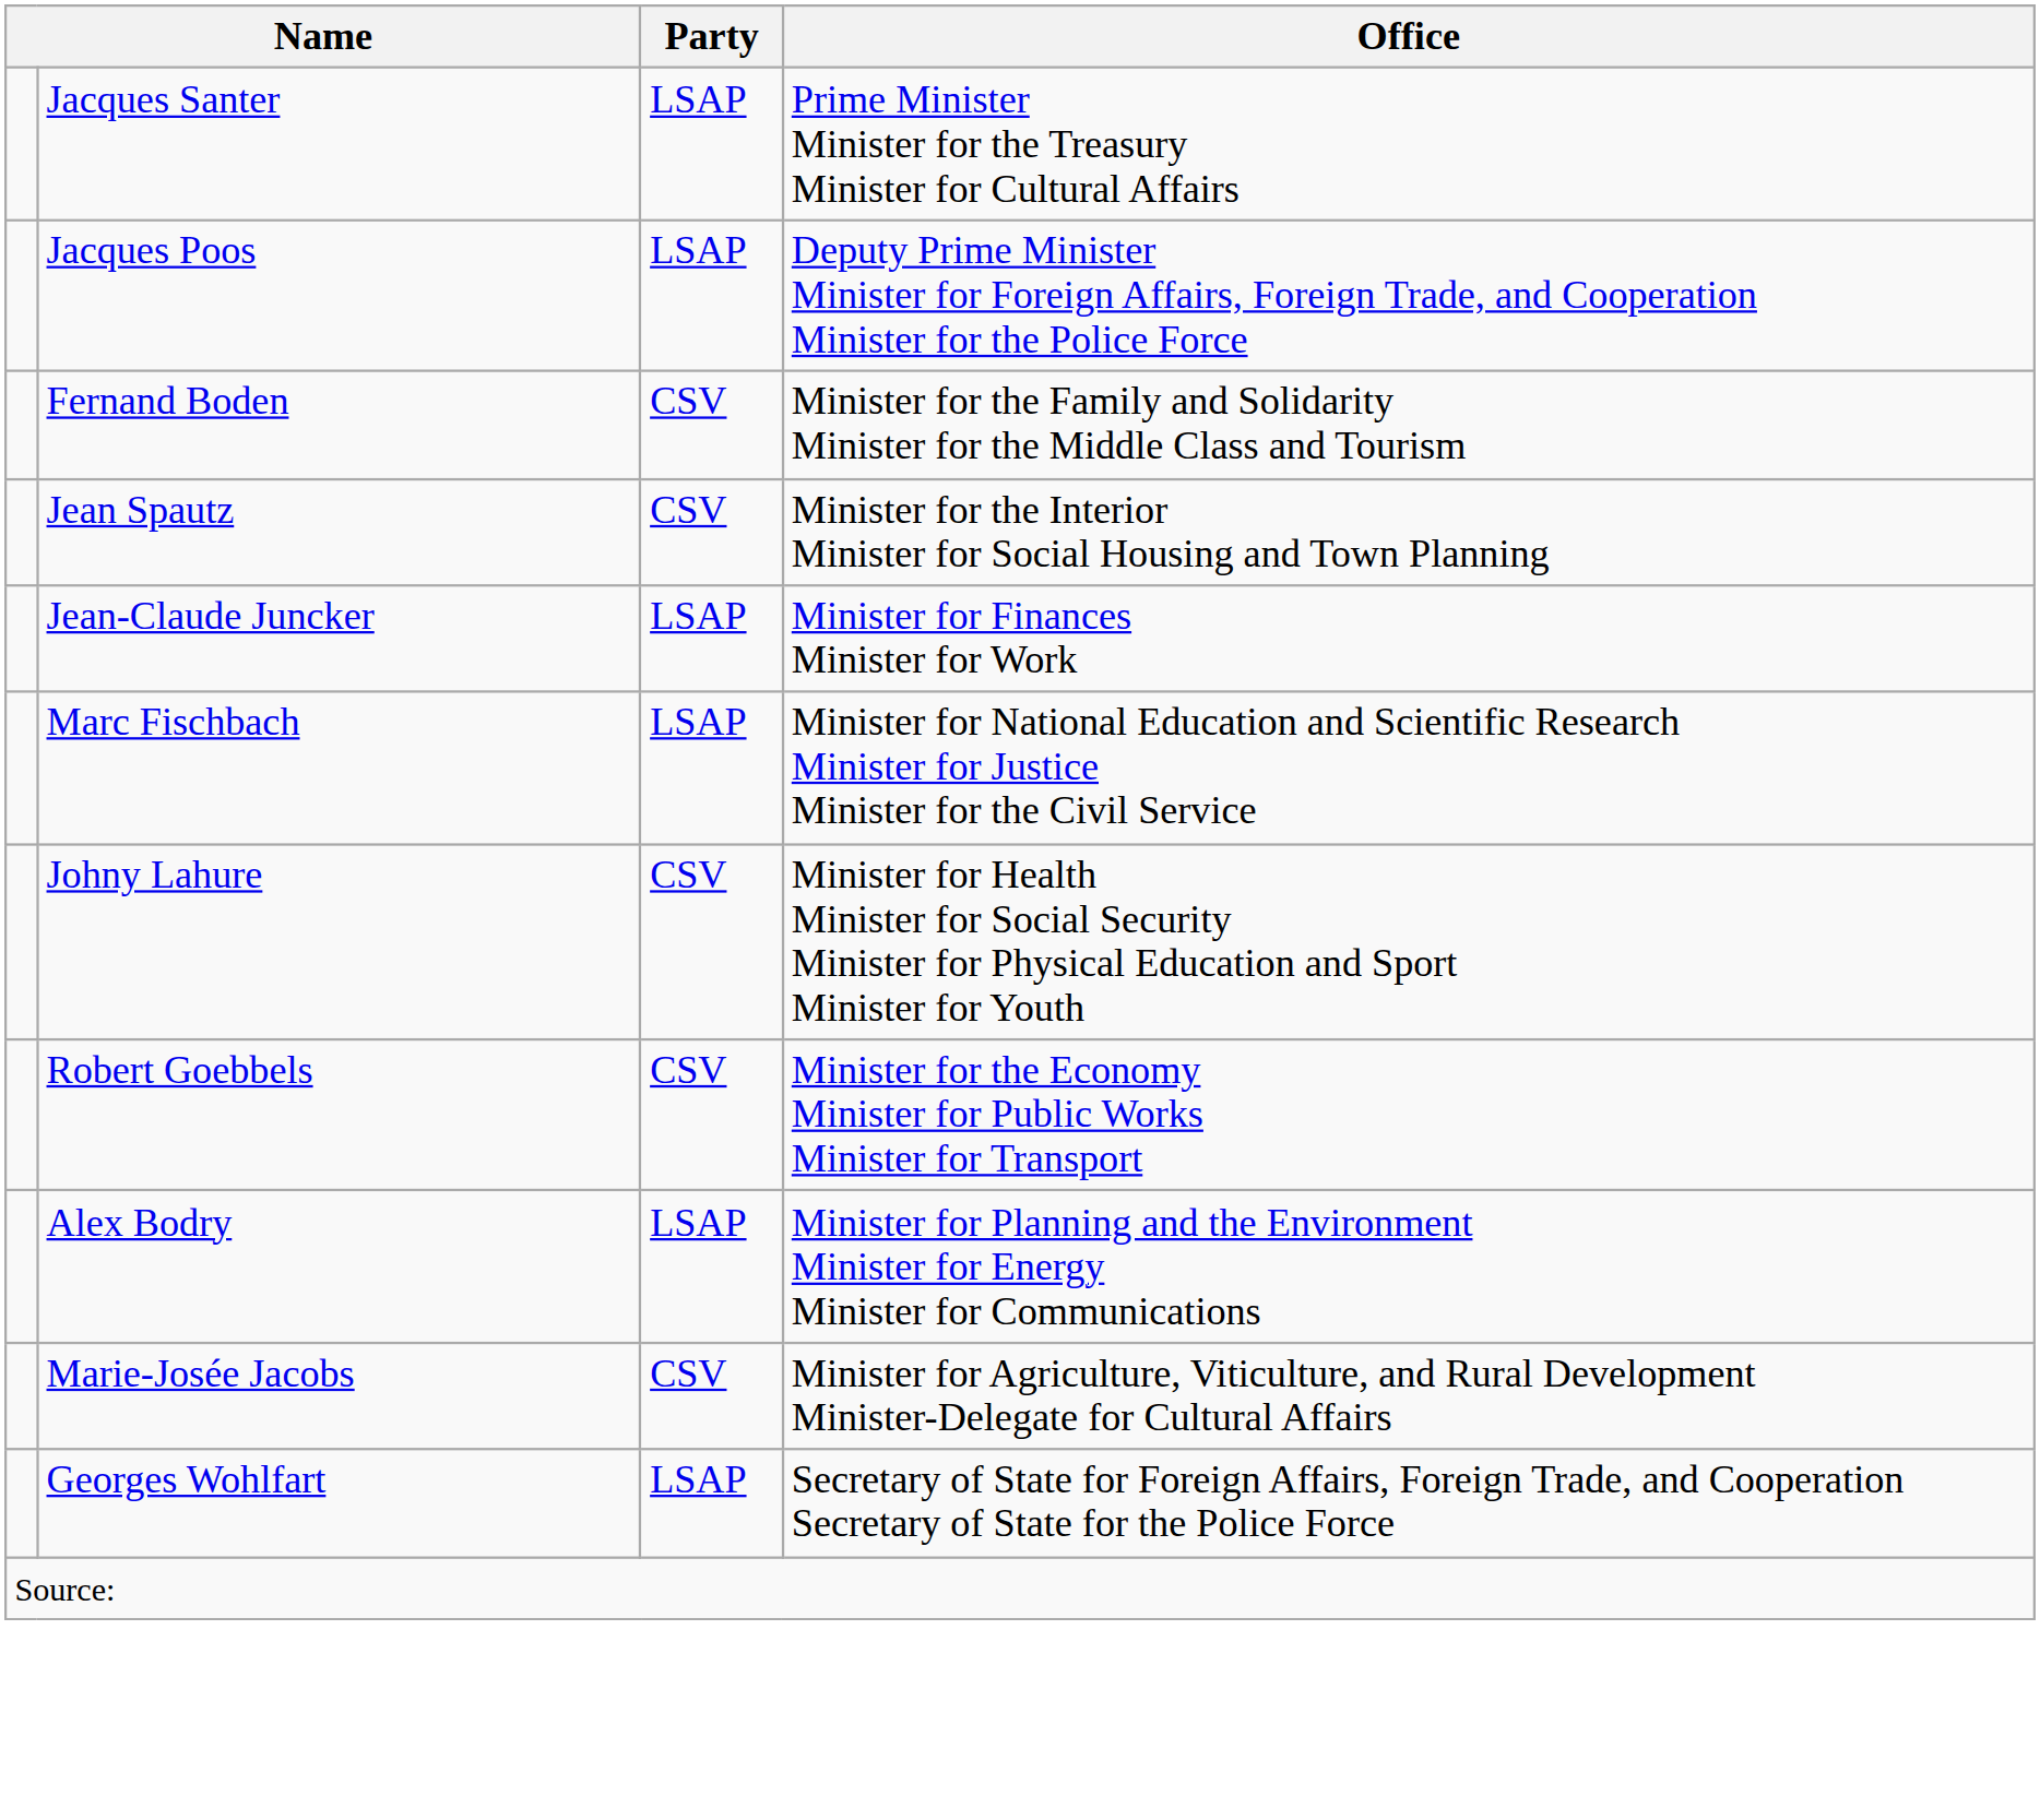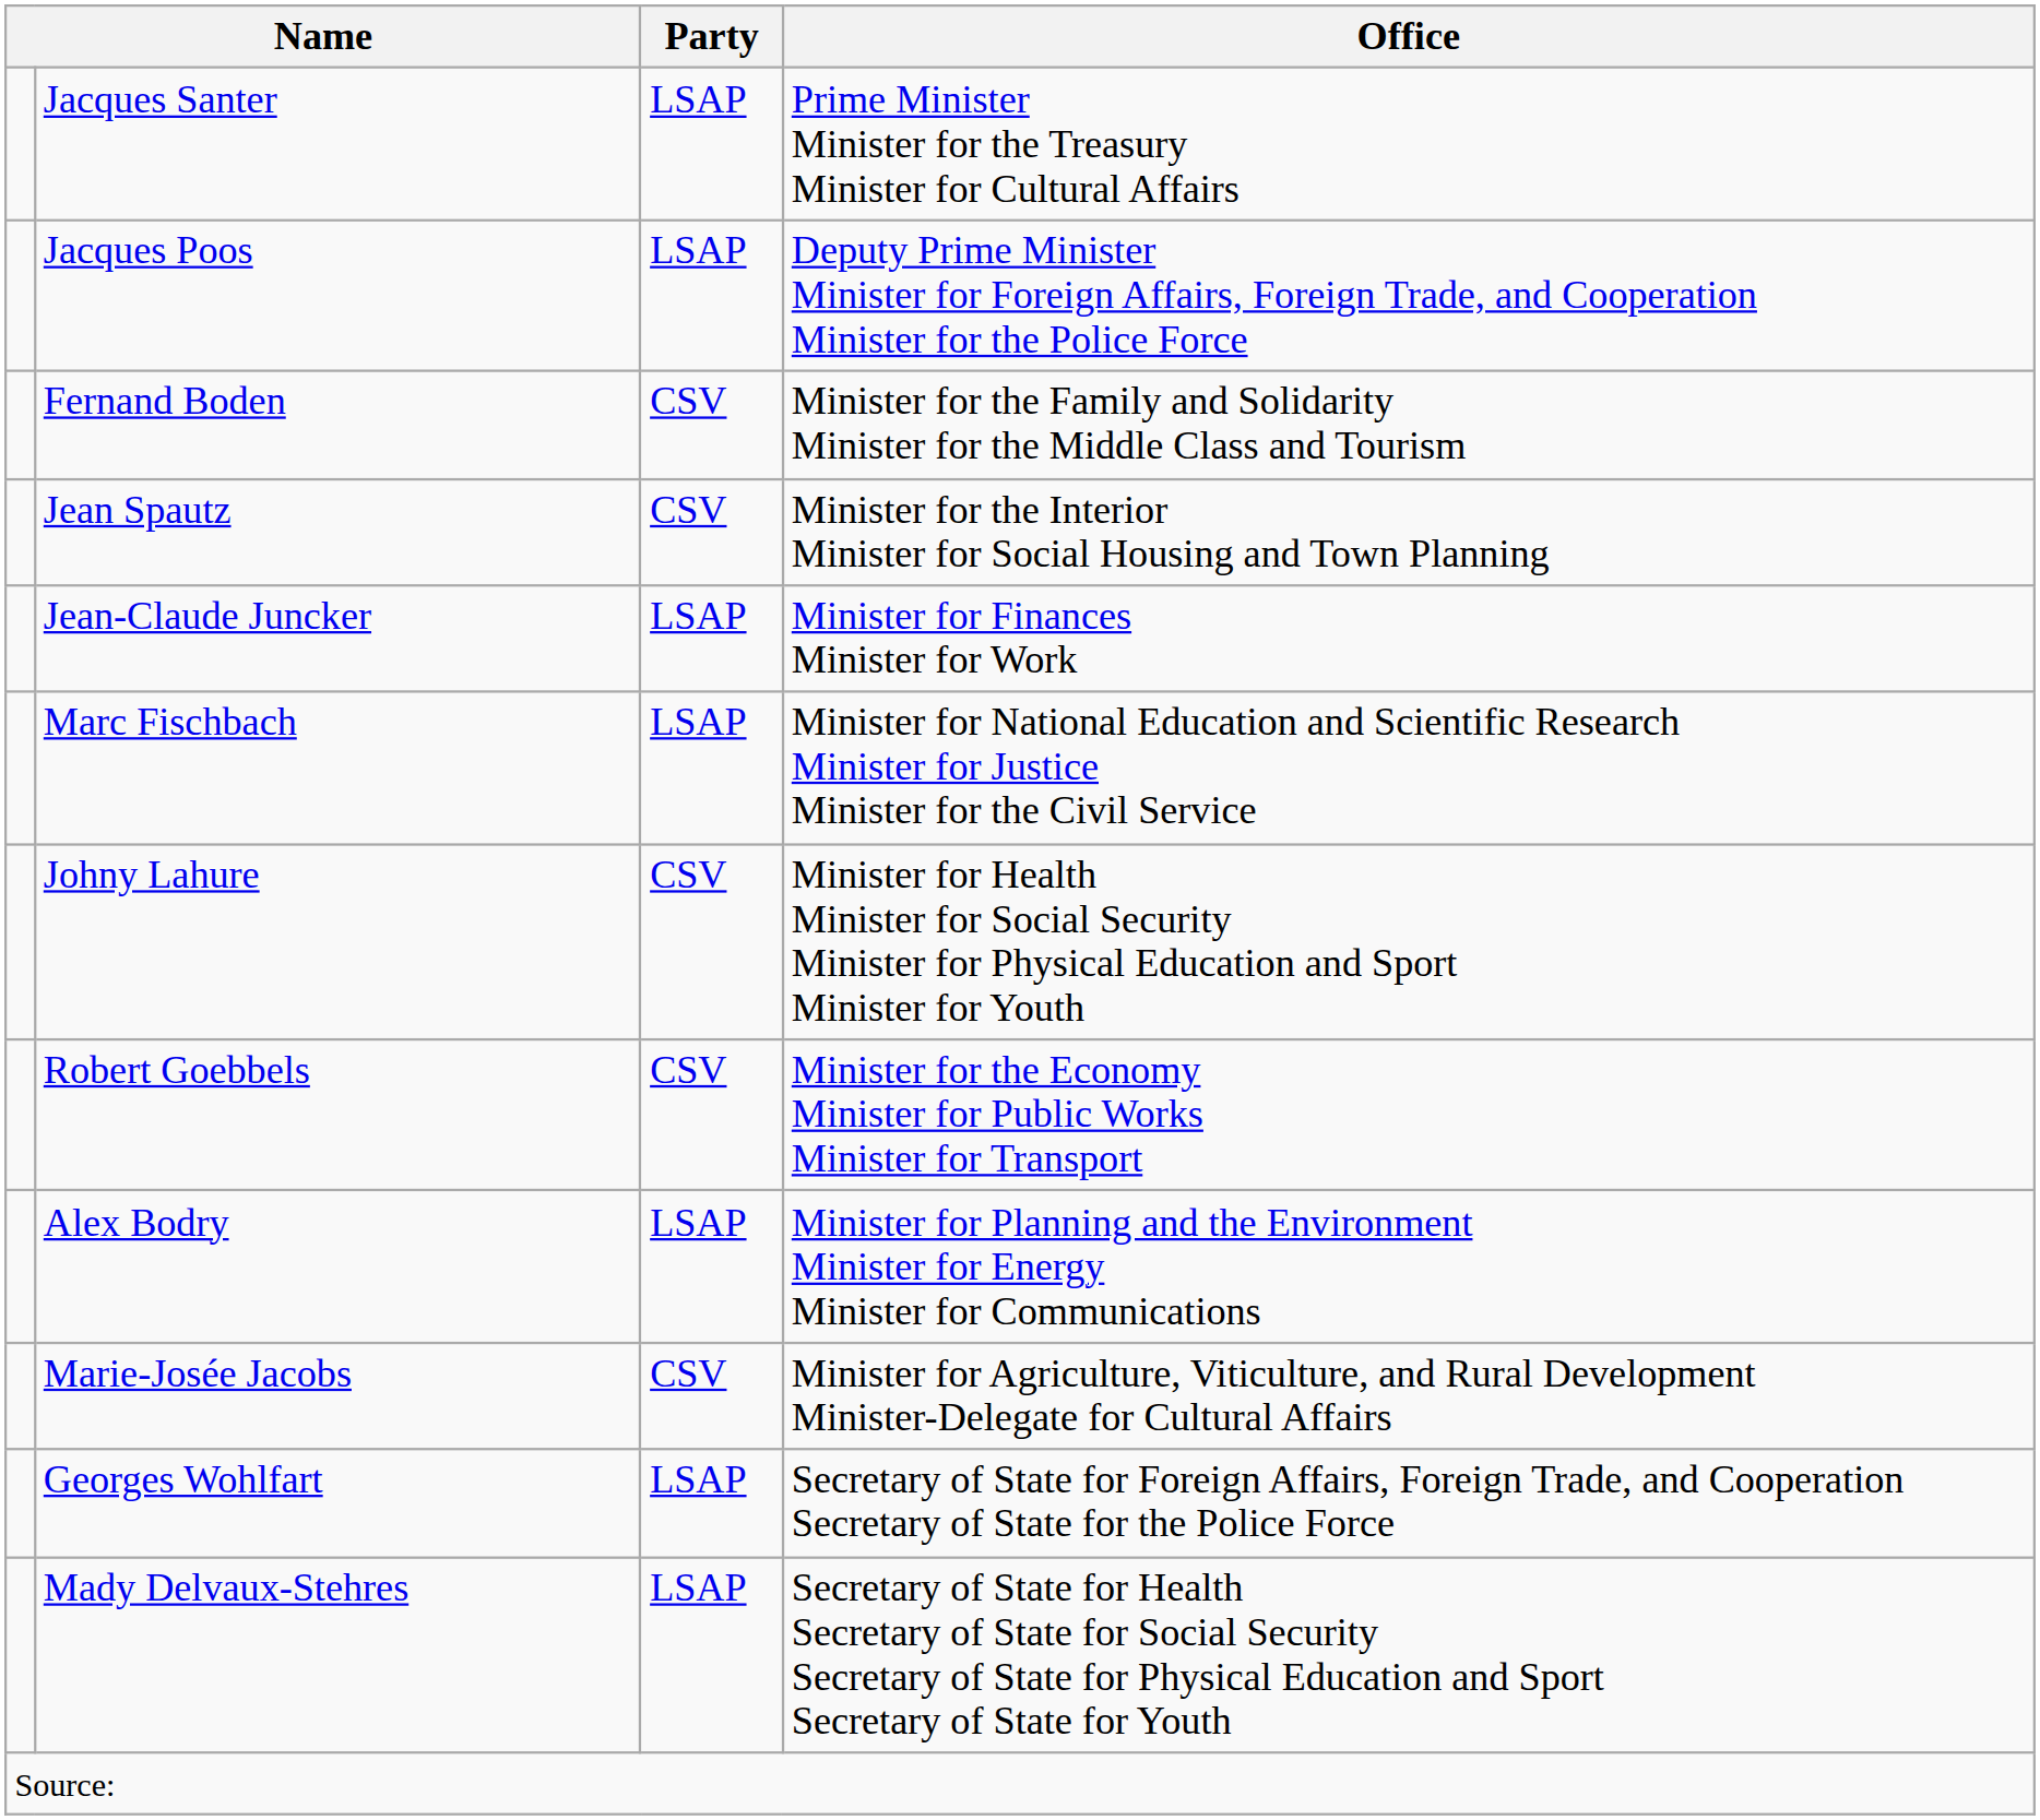 <table class="wikitable">
 <tr>
 <th colspan=2 width=250px>Name</th>
 <th width=50px>Party</th>
 <th width=500px>Office</th>
 </tr>
 <tr>
 <td style="background-color: "></td>
 <td valign=top><a href='#'>Jacques Santer</a></td>
 <td valign=top><a href='#'>LSAP</a></td>
 <td><a href='#'>Prime Minister</a> <br> Minister for the Treasury <br> Minister for Cultural Affairs</td>
 </tr>
 <tr>
 <td style="background-color: "></td>
 <td valign=top><a href='#'>Jacques Poos</a></td>
 <td valign=top><a href='#'>LSAP</a></td>
 <td><a href='#'>Deputy Prime Minister</a> <br> <a href='#'>Minister for Foreign Affairs, Foreign Trade, and Cooperation</a> <br> <a href='#'>Minister for the Police Force</a></td>
 </tr>
 <tr>
 <td style="background-color: "></td>
 <td valign=top><a href='#'>Fernand Boden</a></td>
 <td valign=top><a href='#'>CSV</a></td>
 <td>Minister for the Family and Solidarity <br> Minister for the Middle Class and Tourism</td>
 </tr>
 <tr>
 <td style="background-color: "></td>
 <td valign=top><a href='#'>Jean Spautz</a></td>
 <td valign=top><a href='#'>CSV</a></td>
 <td>Minister for the Interior <br> Minister for Social Housing and Town Planning</td>
 </tr>
 <tr>
 <td style="background-color: "></td>
 <td valign=top><a href='#'>Jean-Claude Juncker</a></td>
 <td valign=top><a href='#'>LSAP</a></td>
 <td><a href='#'>Minister for Finances</a> <br> Minister for Work</td>
 </tr>
 <tr>
 <td style="background-color: "></td>
 <td valign=top><a href='#'>Marc Fischbach</a></td>
 <td valign=top><a href='#'>LSAP</a></td>
 <td>Minister for National Education and Scientific Research <br> <a href='#'>Minister for Justice</a> <br> Minister for the Civil Service</td>
 </tr>
 <tr>
 <td style="background-color: "></td>
 <td valign=top><a href='#'>Johny Lahure</a></td>
 <td valign=top><a href='#'>CSV</a></td>
 <td>Minister for Health <br> Minister for Social Security <br> Minister for Physical Education and Sport <br> Minister for Youth</td>
 </tr>
 <tr>
 <td style="background-color: "></td>
 <td valign=top><a href='#'>Robert Goebbels</a></td>
 <td valign=top><a href='#'>CSV</a></td>
 <td><a href='#'>Minister for the Economy</a> <br> <a href='#'>Minister for Public Works</a> <br> <a href='#'>Minister for Transport</a></td>
 </tr>
 <tr>
 <td style="background-color: "></td>
 <td valign=top><a href='#'>Alex Bodry</a></td>
 <td valign=top><a href='#'>LSAP</a></td>
 <td><a href='#'>Minister for Planning and the Environment</a> <br> <a href='#'>Minister for Energy</a> <br> Minister for Communications</td>
 </tr>
 <tr>
 <td style="background-color: "></td>
 <td valign=top><a href='#'>Marie-Josée Jacobs</a></td>
 <td valign=top><a href='#'>CSV</a></td>
 <td>Minister for Agriculture, Viticulture, and Rural Development <br> Minister-Delegate for Cultural Affairs</td>
 </tr>
 <tr>
 <td style="background-color: "></td>
 <td valign=top><a href='#'>Georges Wohlfart</a></td>
 <td valign=top><a href='#'>LSAP</a></td>
 <td>Secretary of State for Foreign Affairs, Foreign Trade, and Cooperation <br> Secretary of State for the Police Force</td>
 </tr>
 <tr>
+<td style="background-color: "></td>
+<td valign=top><a href='#'>Mady Delvaux-Stehres</a></td>
+<td valign=top><a href='#'>LSAP</a></td>
+<td>Secretary of State for Health <br> Secretary of State for Social Security <br> Secretary of State for Physical Education and Sport <br> Secretary of State for Youth</td>
+</tr>
+<tr>
 <td colspan=4><small>Source: </small></td>
 </tr>
 </table>
